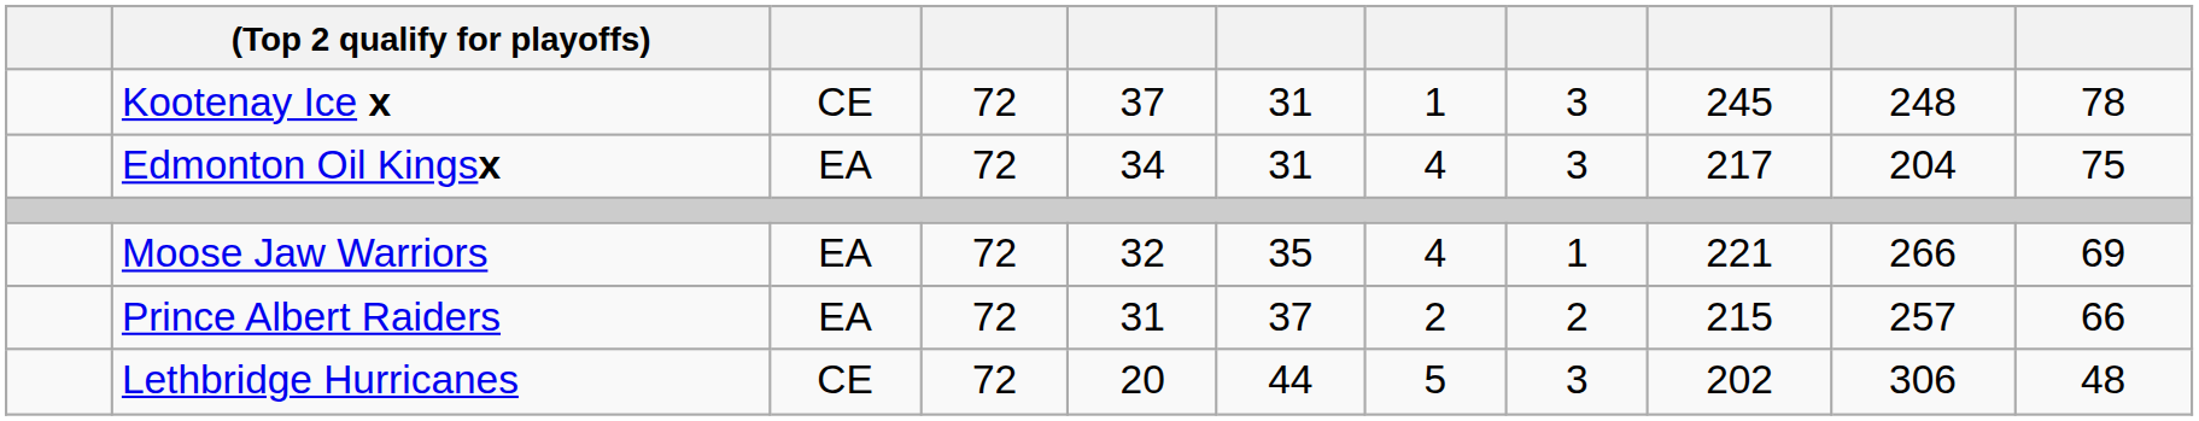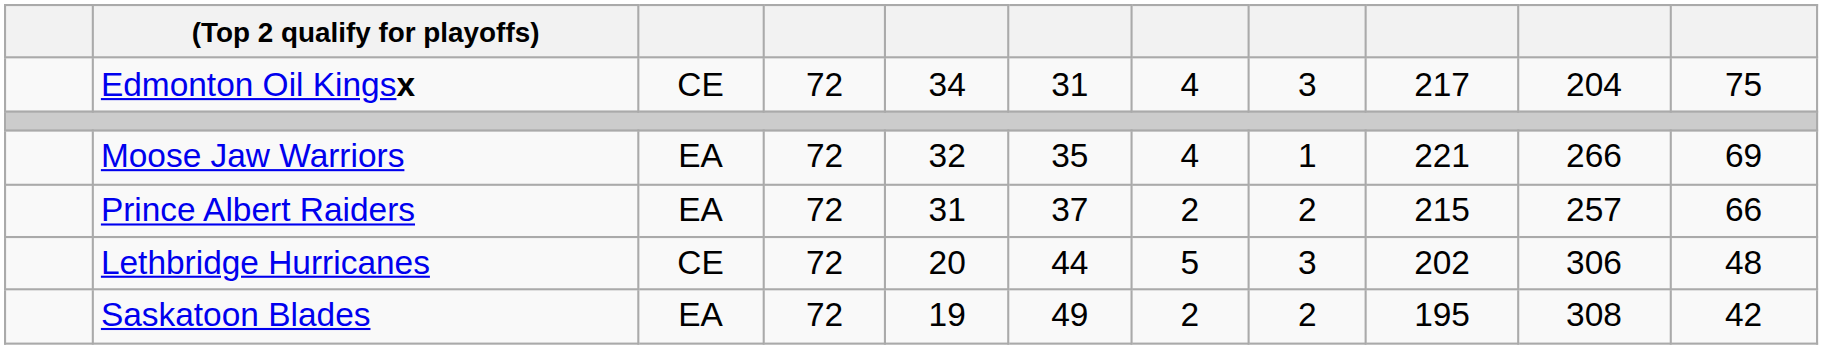 <table class="wikitable sortable">
 <tr>
 <th style="width:3em"></th>
 <th style="width:20em;" class="unsortable"><small>(Top 2 qualify for playoffs)</small></th>
 <th style="width:4em;"></th>
 <th style="width:4em;" class="unsortable"></th>
 <th style="width:4em;"></th>
 <th style="width:4em;"></th>
 <th style="width:4em;"></th>
 <th style="width:4em;"></th>
 <th style="width:5em;"></th>
 <th style="width:5em;"></th>
 <th style="width:5em;"></th>
 </tr>
 <tr style="font-weight: ; text-align: center;">
 <td></td>
-<td style="text-align:left;"><a href='#'>Kootenay Ice</a> <strong>x</strong></td>
+<td style="text-align:left;"><a href='#'>Edmonton Oil Kings</a><strong>x</strong></td>
 <td>CE</td>
-<td>72</td>
-<td>37</td>
-<td>31</td>
-<td>1</td>
-<td>3</td>
-<td>245</td>
-<td>248</td>
-<td>78</td>
-</tr>
-<tr style="font-weight: ; text-align: center;">
-<td></td>
-<td style="text-align:left;"><a href='#'>Edmonton Oil Kings</a><strong>x</strong></td>
-<td>EA</td>
 <td>72</td>
 <td>34</td>
 <td>31</td>
 <td>4</td>
 <td>3</td>
 <td>217</td>
 <td>204</td>
 <td>75</td>
 </tr>
 <tr style="color:#cccccc;background-color:#cccccc">
 <td style="height:2px" colspan=11></td>
 </tr>
 <tr style="text-align: center;">
 <td></td>
 <td style="text-align:left;"><a href='#'>Moose Jaw Warriors</a></td>
 <td>EA</td>
 <td>72</td>
 <td>32</td>
 <td>35</td>
 <td>4</td>
 <td>1</td>
 <td>221</td>
 <td>266</td>
 <td>69</td>
 </tr>
 <tr style="text-align: center;">
 <td></td>
 <td style="text-align:left;"><a href='#'>Prince Albert Raiders</a></td>
 <td>EA</td>
 <td>72</td>
 <td>31</td>
 <td>37</td>
 <td>2</td>
 <td>2</td>
 <td>215</td>
 <td>257</td>
 <td>66</td>
 </tr>
 <tr style="text-align: center;">
 <td></td>
 <td style="text-align:left;"><a href='#'>Lethbridge Hurricanes</a></td>
 <td>CE</td>
 <td>72</td>
 <td>20</td>
 <td>44</td>
 <td>5</td>
 <td>3</td>
 <td>202</td>
 <td>306</td>
 <td>48</td>
 </tr>
+<tr style="text-align: center;">
+<td></td>
+<td style="text-align:left;"><a href='#'>Saskatoon Blades</a></td>
+<td>EA</td>
+<td>72</td>
+<td>19</td>
+<td>49</td>
+<td>2</td>
+<td>2</td>
+<td>195</td>
+<td>308</td>
+<td>42</td>
+</tr>
 </table>
